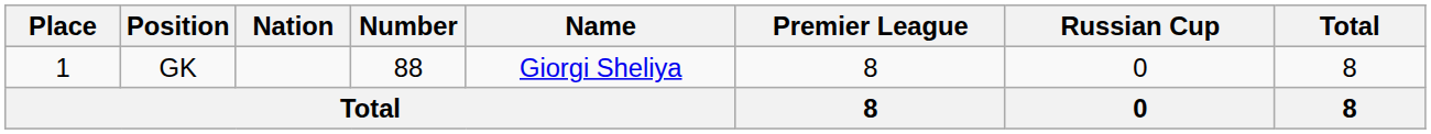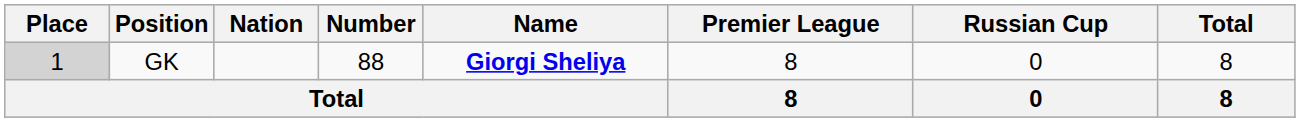 <table class="wikitable" style="font-size: 95%; text-align: center;">
 <tr>
 <th width=60>Place</th>
 <th width=60>Position</th>
 <th width=60>Nation</th>
 <th width=60>Number</th>
 <th width=150>Name</th>
 <th width=150>Premier League</th>
 <th width=150>Russian Cup</th>
 <th width=80>Total</th>
 </tr>
 <tr>
-<td>1</td>
+<td style="background: lightgrey;">1</td>
 <td>GK</td>
 <td></td>
 <td>88</td>
-<td><a href='#'>Giorgi Sheliya</a></td>
+<td><strong><a href='#'>Giorgi Sheliya</a></strong></td>
 <td>8</td>
 <td>0</td>
 <td>8</td>
 </tr>
 <tr>
 <th colspan=5>Total</th>
 <th>8</th>
 <th>0</th>
 <th>8</th>
 </tr>
 </table>
